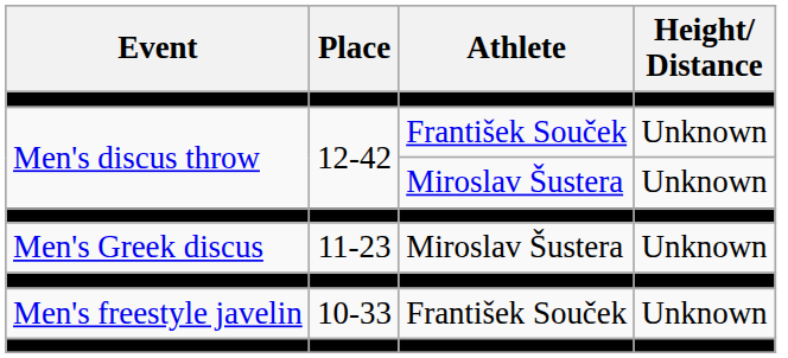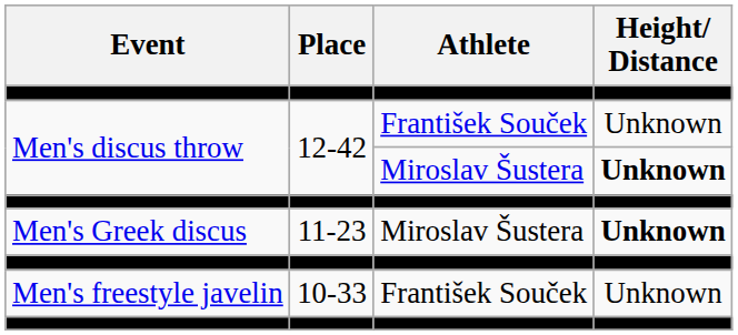 <table class=wikitable>
 <tr>
 <th>Event</th>
 <th>Place</th>
 <th>Athlete</th>
 <th>Height/<br>Distance</th>
 </tr>
 <tr bgcolor=black>
 <td></td>
 <td></td>
 <td></td>
 <td></td>
 </tr>
 <tr align=center>
 <td rowspan=2 align=left><a href='#'>Men's discus throw</a></td>
 <td rowspan=2>12-42</td>
 <td align=left><a href='#'>František Souček</a></td>
 <td>Unknown</td>
 </tr>
 <tr align=center>
 <td align=left><a href='#'>Miroslav Šustera</a></td>
-<td>Unknown</td>
+<td><strong>Unknown</strong></td>
 </tr>
 <tr bgcolor=black>
 <td></td>
 <td></td>
 <td></td>
 <td></td>
 </tr>
 <tr align=center>
 <td align=left><a href='#'>Men's Greek discus</a></td>
 <td>11-23</td>
 <td align=left>Miroslav Šustera</td>
-<td>Unknown</td>
+<td><strong>Unknown</strong></td>
 </tr>
 <tr bgcolor=black>
 <td></td>
 <td></td>
 <td></td>
 <td></td>
 </tr>
 <tr align=center>
 <td align=left><a href='#'>Men's freestyle javelin</a></td>
 <td>10-33</td>
 <td align=left>František Souček</td>
 <td>Unknown</td>
 </tr>
 <tr bgcolor=black>
 <td></td>
 <td></td>
 <td></td>
 <td></td>
 </tr>
 </table>
